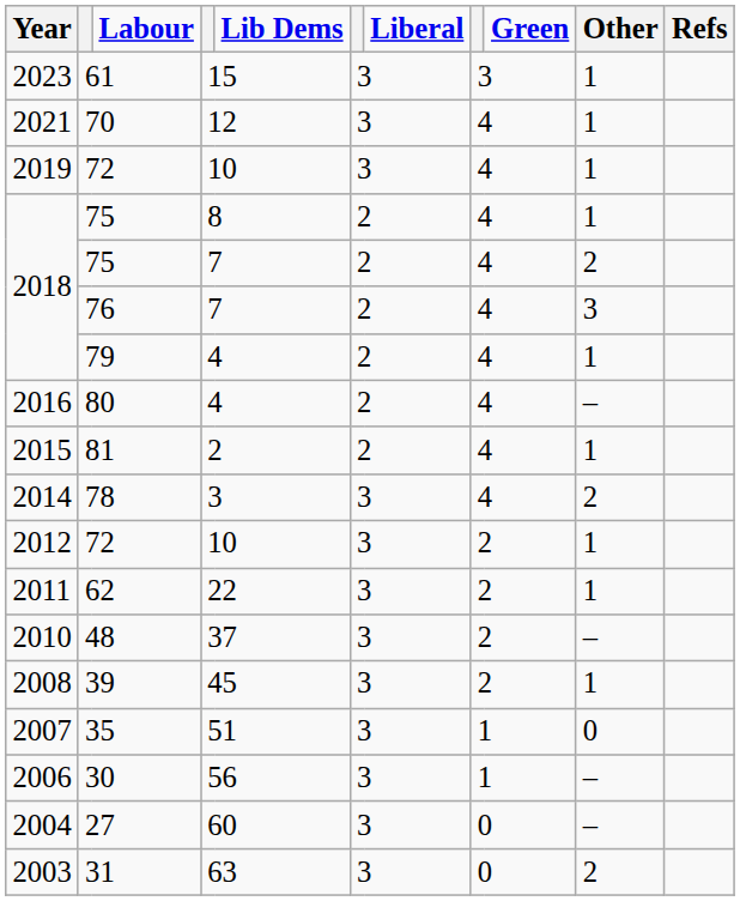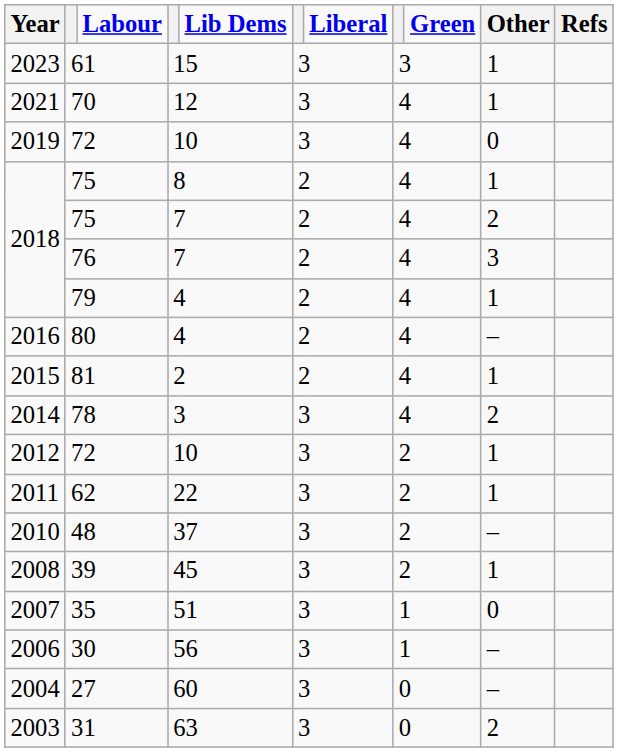 <table class="wikitable">
 <tr>
 <th>Year</th>
 <th style="background-color: "></th>
 <td><strong><a href='#'>Labour</a></strong></td>
 <th style="background-color: "></th>
 <td><strong><a href='#'>Lib Dems</a></strong></td>
 <th style="background-color: "></th>
 <td><strong><a href='#'>Liberal</a></strong></td>
 <th style="background-color: "></th>
 <td><strong><a href='#'>Green</a></strong></td>
 <th>Other</th>
 <th>Refs</th>
 </tr>
 <tr>
 <td>2023</td>
 <td colspan=2>61</td>
 <td colspan=2>15</td>
 <td colspan=2>3</td>
 <td colspan=2>3</td>
 <td>1</td>
 <td></td>
 </tr>
 <tr>
 <td>2021</td>
 <td colspan=2>70</td>
 <td colspan=2>12</td>
 <td colspan=2>3</td>
 <td colspan=2>4</td>
 <td>1</td>
 <td></td>
 </tr>
 <tr>
 <td>2019</td>
 <td colspan=2>72</td>
 <td colspan=2>10</td>
 <td colspan=2>3</td>
 <td colspan=2>4</td>
-<td>1</td>
+<td>0</td>
 <td></td>
 </tr>
 <tr>
 <td rowspan=4>2018</td>
 <td colspan=2>75</td>
 <td colspan=2>8</td>
 <td colspan=2>2</td>
 <td colspan=2>4</td>
 <td>1</td>
 <td></td>
 </tr>
 <tr>
 <td colspan=2>75</td>
 <td colspan=2>7</td>
 <td colspan=2>2</td>
 <td colspan=2>4</td>
 <td>2</td>
 <td></td>
 </tr>
 <tr>
 <td colspan=2>76</td>
 <td colspan=2>7</td>
 <td colspan=2>2</td>
 <td colspan=2>4</td>
 <td>3</td>
 <td></td>
 </tr>
 <tr>
 <td colspan=2>79</td>
 <td colspan=2>4</td>
 <td colspan=2>2</td>
 <td colspan=2>4</td>
 <td>1</td>
 <td></td>
 </tr>
 <tr>
 <td>2016</td>
 <td colspan=2>80</td>
 <td colspan=2>4</td>
 <td colspan=2>2</td>
 <td colspan=2>4</td>
 <td>–</td>
 <td></td>
 </tr>
 <tr>
 <td>2015</td>
 <td colspan=2>81</td>
 <td colspan=2>2</td>
 <td colspan=2>2</td>
 <td colspan=2>4</td>
 <td>1</td>
 <td></td>
 </tr>
 <tr>
 <td>2014</td>
 <td colspan=2>78</td>
 <td colspan=2>3</td>
 <td colspan=2>3</td>
 <td colspan=2>4</td>
 <td>2</td>
 <td></td>
 </tr>
 <tr>
 <td>2012</td>
 <td colspan=2>72</td>
 <td colspan=2>10</td>
 <td colspan=2>3</td>
 <td colspan=2>2</td>
 <td>1</td>
 <td></td>
 </tr>
 <tr>
 <td>2011</td>
 <td colspan=2>62</td>
 <td colspan=2>22</td>
 <td colspan=2>3</td>
 <td colspan=2>2</td>
 <td>1</td>
 <td></td>
 </tr>
 <tr>
 <td>2010</td>
 <td colspan=2>48</td>
 <td colspan=2>37</td>
 <td colspan=2>3</td>
 <td colspan=2>2</td>
 <td>–</td>
 <td></td>
 </tr>
 <tr>
 <td>2008</td>
 <td colspan=2>39</td>
 <td colspan=2>45</td>
 <td colspan=2>3</td>
 <td colspan=2>2</td>
 <td>1</td>
 <td></td>
 </tr>
 <tr>
 <td>2007</td>
 <td colspan=2>35</td>
 <td colspan=2>51</td>
 <td colspan=2>3</td>
 <td colspan=2>1</td>
 <td>0</td>
 <td></td>
 </tr>
 <tr>
 <td>2006</td>
 <td colspan=2>30</td>
 <td colspan=2>56</td>
 <td colspan=2>3</td>
 <td colspan=2>1</td>
 <td>–</td>
 <td></td>
 </tr>
 <tr>
 <td>2004</td>
 <td colspan=2>27</td>
 <td colspan=2>60</td>
 <td colspan=2>3</td>
 <td colspan=2>0</td>
 <td>–</td>
 <td></td>
 </tr>
 <tr>
 <td>2003</td>
 <td colspan=2>31</td>
 <td colspan=2>63</td>
 <td colspan=2>3</td>
 <td colspan=2>0</td>
 <td>2</td>
 <td></td>
 </tr>
 </table>
